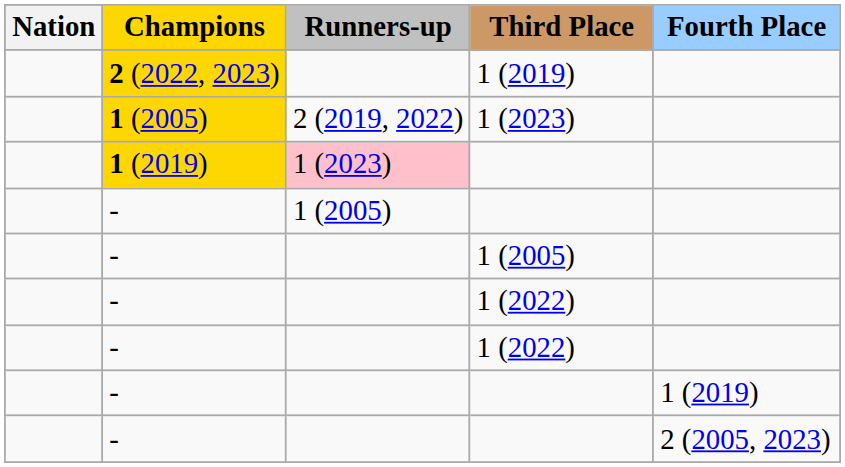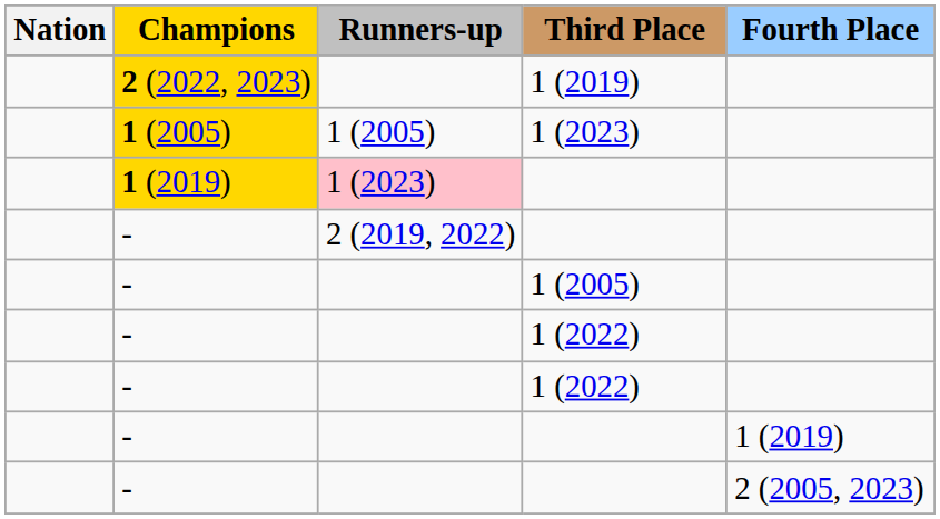 <table class="wikitable">
 <tr>
 <th style=>Nation</th>
 <th style="width:22%; background-color:gold;">Champions</th>
 <th style="width:22%; background-color:silver;">Runners-up</th>
 <th style="width:22%; background-color:#cc9966;">Third Place</th>
 <th style="background-color:#9acdff;">Fourth Place</th>
 </tr>
 <tr>
 <td></td>
 <td style="background-color:gold;"><strong>2</strong> (<a href='#'>2022</a>, <a href='#'>2023</a>)</td>
 <td></td>
 <td>1 (<a href='#'>2019</a>)</td>
 <td></td>
 </tr>
 <tr>
 <td></td>
 <td style="background-color:gold;"><strong>1</strong> (<a href='#'>2005</a>)</td>
-<td>2 (<a href='#'>2019</a>, <a href='#'>2022</a>)</td>
+<td>1 (<a href='#'>2005</a>)</td>
 <td>1 (<a href='#'>2023</a>)</td>
 <td></td>
 </tr>
 <tr>
 <td></td>
 <td style="background-color:gold;"><strong>1</strong> (<a href='#'>2019</a>)</td>
 <td style="background: pink;">1 (<a href='#'>2023</a>)</td>
 <td></td>
 <td></td>
 </tr>
 <tr>
 <td></td>
 <td>-</td>
-<td>1 (<a href='#'>2005</a>)</td>
+<td>2 (<a href='#'>2019</a>, <a href='#'>2022</a>)</td>
 <td></td>
 <td></td>
 </tr>
 <tr>
 <td></td>
 <td>-</td>
 <td></td>
 <td>1 (<a href='#'>2005</a>)</td>
 <td></td>
 </tr>
 <tr>
 <td></td>
 <td>-</td>
 <td></td>
 <td>1 (<a href='#'>2022</a>)</td>
 <td></td>
 </tr>
 <tr>
 <td></td>
 <td>-</td>
 <td></td>
 <td>1 (<a href='#'>2022</a>)</td>
 <td></td>
 </tr>
 <tr>
 <td></td>
 <td>-</td>
 <td></td>
 <td></td>
 <td>1 (<a href='#'>2019</a>)</td>
 </tr>
 <tr>
 <td></td>
 <td>-</td>
 <td></td>
 <td></td>
 <td>2 (<a href='#'>2005</a>, <a href='#'>2023</a>)</td>
 </tr>
 </table>
